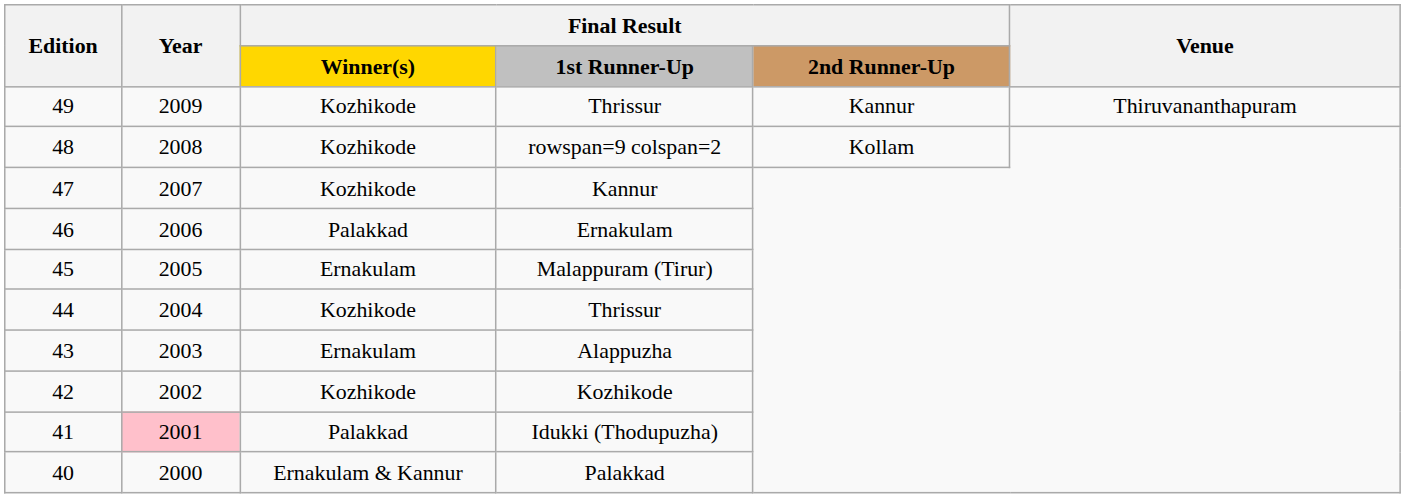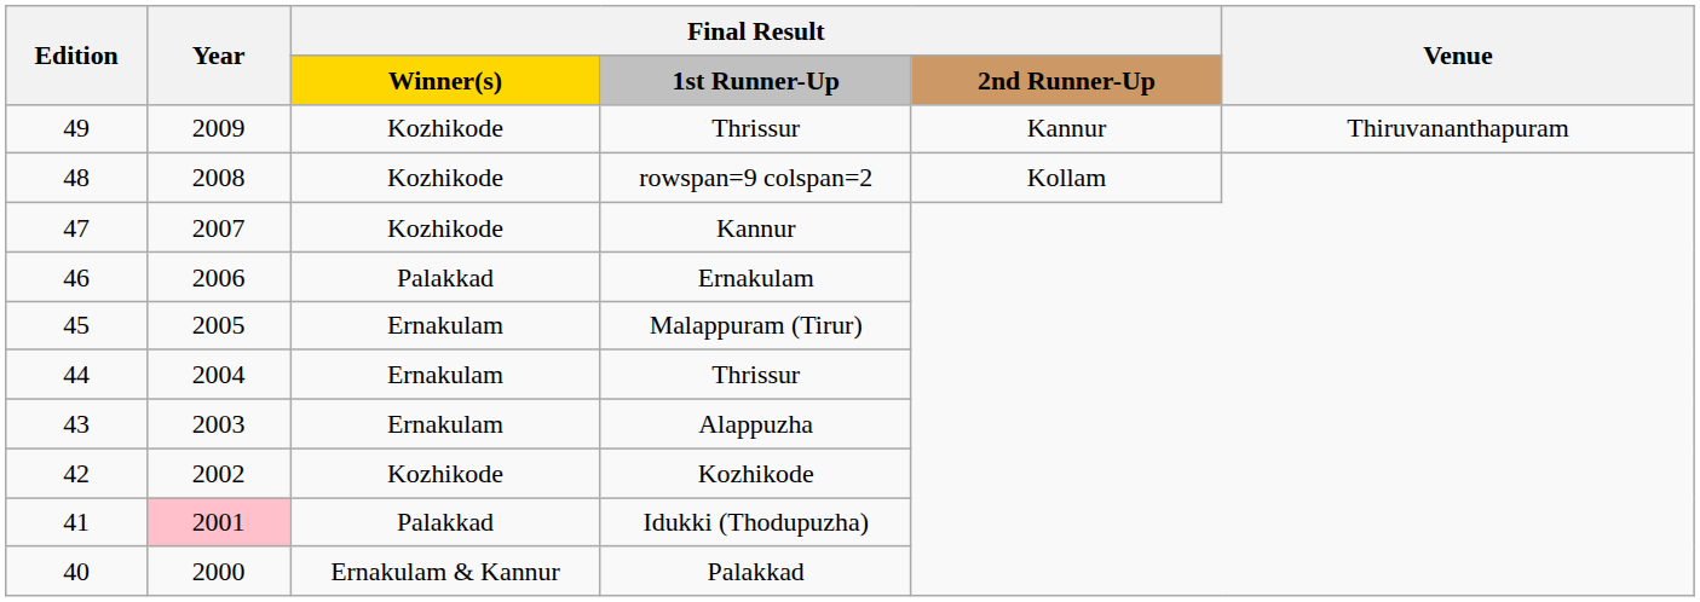 <table class="wikitable" style="text-align:center; line-height:20px; font-size:90%;">
 <tr>
 <th rowspan="2" width=70px>Edition</th>
 <th rowspan="2" width=71px>Year</th>
 <th colspan="3" width=500px>Final Result</th>
 <th rowspan="2" width=250px>Venue</th>
 </tr>
 <tr>
 <th width=99px style="background:gold;">Winner(s)</th>
 <th width=99px style="background:silver;">1st Runner-Up</th>
 <th width=99px style="background:#c96;">2nd Runner-Up</th>
 </tr>
 <tr>
 <td>49</td>
 <td>2009</td>
 <td>Kozhikode</td>
 <td>Thrissur</td>
 <td>Kannur</td>
 <td>Thiruvananthapuram</td>
 </tr>
 <tr>
 <td>48</td>
 <td>2008</td>
 <td>Kozhikode</td>
 <td>rowspan=9 colspan=2 </td>
 <td>Kollam</td>
 </tr>
 <tr>
 <td>47</td>
 <td>2007</td>
 <td>Kozhikode</td>
 <td>Kannur</td>
 </tr>
 <tr>
 <td>46</td>
 <td>2006</td>
 <td>Palakkad</td>
 <td>Ernakulam</td>
 </tr>
 <tr>
 <td>45</td>
 <td>2005</td>
 <td>Ernakulam</td>
 <td>Malappuram (Tirur)</td>
 </tr>
 <tr>
 <td>44</td>
 <td>2004</td>
-<td>Kozhikode</td>
+<td>Ernakulam</td>
 <td>Thrissur</td>
 </tr>
 <tr>
 <td>43</td>
 <td>2003</td>
 <td>Ernakulam</td>
 <td>Alappuzha</td>
 </tr>
 <tr>
 <td>42</td>
 <td>2002</td>
 <td>Kozhikode</td>
 <td>Kozhikode</td>
 </tr>
 <tr>
 <td>41</td>
 <td style="background: pink;">2001</td>
 <td>Palakkad</td>
 <td>Idukki (Thodupuzha)</td>
 </tr>
 <tr>
 <td>40</td>
 <td>2000</td>
 <td>Ernakulam & Kannur</td>
 <td>Palakkad</td>
 </tr>
 </table>
